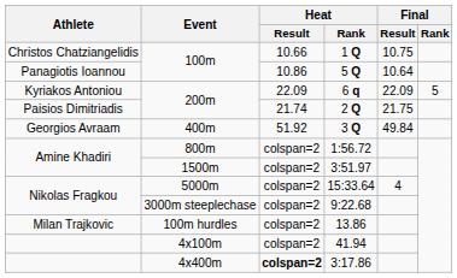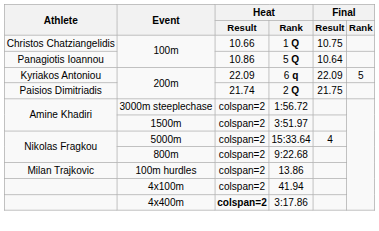 <table class="wikitable" style="font-size:90%">
 <tr>
 <th rowspan="2">Athlete</th>
 <th rowspan="2">Event</th>
 <th colspan="2">Heat</th>
 <th colspan="2">Final</th>
 </tr>
 <tr style="font-size:95%">
 <th>Result</th>
 <th>Rank</th>
 <th>Result</th>
 <th>Rank</th>
 </tr>
 <tr align=center>
 <td>Christos Chatziangelidis</td>
 <td rowspan=2>100m</td>
 <td>10.66</td>
 <td>1 <strong>Q</strong></td>
 <td>10.75</td>
 <td></td>
 </tr>
 <tr align=center>
 <td>Panagiotis Ioannou</td>
 <td>10.86</td>
 <td>5 <strong>Q</strong></td>
 <td>10.64</td>
 <td></td>
 </tr>
 <tr align=center>
 <td>Kyriakos Antoniou</td>
 <td rowspan=2>200m</td>
 <td>22.09</td>
 <td>6 <strong>q</strong></td>
 <td>22.09</td>
 <td>5</td>
 </tr>
 <tr align=center>
 <td>Paisios Dimitriadis</td>
 <td>21.74</td>
 <td>2 <strong>Q</strong></td>
 <td>21.75</td>
 <td></td>
 </tr>
 <tr align=center>
-<td>Georgios Avraam</td>
-<td>400m</td>
-<td>51.92</td>
-<td>3 <strong>Q</strong></td>
-<td>49.84</td>
-<td></td>
-</tr>
-<tr align=center>
 <td rowspan=2>Amine Khadiri</td>
-<td>800m</td>
+<td>3000m steeplechase</td>
 <td>colspan=2 </td>
 <td>1:56.72</td>
 <td></td>
 </tr>
 <tr align=center>
 <td>1500m</td>
 <td>colspan=2 </td>
 <td>3:51.97</td>
 <td></td>
 </tr>
 <tr align=center>
 <td rowspan=2>Nikolas Fragkou</td>
 <td>5000m</td>
 <td>colspan=2 </td>
 <td>15:33.64</td>
 <td>4</td>
 </tr>
 <tr align=center>
-<td>3000m steeplechase</td>
+<td>800m</td>
 <td>colspan=2 </td>
 <td>9:22.68</td>
 <td></td>
 </tr>
 <tr align=center>
 <td>Milan Trajkovic</td>
 <td>100m hurdles</td>
 <td>colspan=2 </td>
 <td>13.86</td>
 <td></td>
 </tr>
 <tr align=center>
 <td></td>
 <td>4x100m</td>
 <td>colspan=2 </td>
 <td>41.94</td>
 <td></td>
 </tr>
 <tr align=center>
 <td></td>
 <td>4x400m</td>
 <td><strong>colspan=2 </strong></td>
 <td>3:17.86</td>
 <td></td>
 </tr>
 </table>
